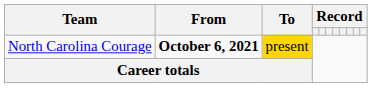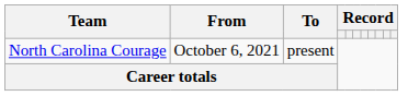 <table class="wikitable" style="text-align: center">
 <tr>
 <th rowspan=2>Team</th>
 <th rowspan=2>From</th>
 <th rowspan=2>To</th>
 <th colspan=8>Record</th>
 </tr>
 <tr>
 <th></th>
 <th></th>
 <th></th>
 <th></th>
 <th></th>
 <th></th>
 <th></th>
 <th></th>
 </tr>
 <tr>
 <td><a href='#'>North Carolina Courage</a></td>
-<td><strong>October 6, 2021</strong></td>
-<td style="background: gold;">present<br></td>
+<td>October 6, 2021</td>
+<td>present<br></td>
 </tr>
 <tr>
 <th colspan=3>Career totals<br></th>
 </tr>
 </table>
